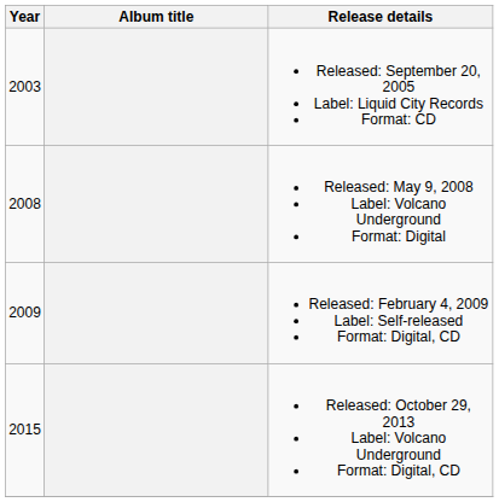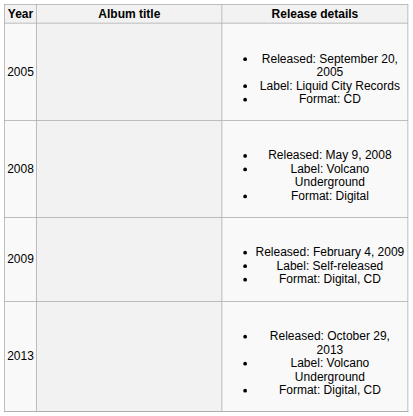 <table class="wikitable plainrowheaders" style="text-align:center;">
 <tr>
 <th>Year</th>
 <th scope="col" rowspan="1" style="width:15em;">Album title</th>
 <th scope="col" rowspan="1" style="width:15em;">Release details</th>
 </tr>
 <tr>
-<td>2003</td>
+<td>2005</td>
 <th></th>
 <td><br><ul><li>Released: September 20, 2005</li><li>Label: Liquid City Records</li><li>Format: CD</li></ul></td>
 </tr>
 <tr>
 <td rowspan="1">2008</td>
 <th></th>
 <td><br><ul><li>Released: May 9, 2008</li><li>Label: Volcano Underground</li><li>Format: Digital</li></ul></td>
 </tr>
 <tr>
 <td rowspan="1">2009</td>
 <th></th>
 <td><br><ul><li>Released: February 4, 2009</li><li>Label: Self-released</li><li>Format: Digital, CD</li></ul></td>
 </tr>
 <tr>
-<td>2015</td>
+<td>2013</td>
 <th></th>
 <td><br><ul><li>Released: October 29, 2013</li><li>Label: Volcano Underground</li><li>Format: Digital, CD</li></ul></td>
 </tr>
 <tr>
 </tr>
 </table>
